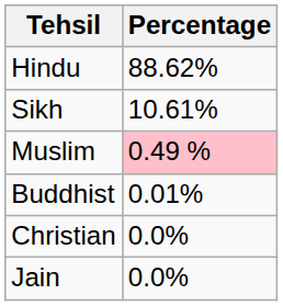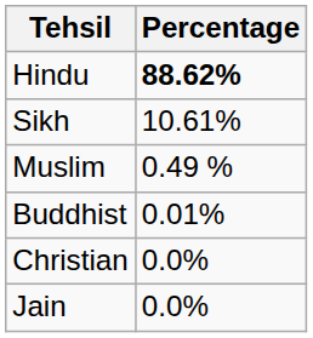 <table class="wikitable">
 <tr>
 <th>Tehsil</th>
 <th>Percentage</th>
 </tr>
 <tr>
 <td>Hindu</td>
-<td>88.62%</td>
+<td><strong>88.62%</strong></td>
 </tr>
 <tr>
 <td>Sikh</td>
 <td>10.61%</td>
 </tr>
 <tr>
 <td>Muslim</td>
-<td style="background: pink;">0.49 %</td>
+<td>0.49 %</td>
 </tr>
 <tr>
 <td>Buddhist</td>
 <td>0.01%</td>
 </tr>
 <tr>
 <td>Christian</td>
 <td>0.0%</td>
 </tr>
 <tr>
 <td>Jain</td>
 <td>0.0%</td>
 </tr>
 </table>
